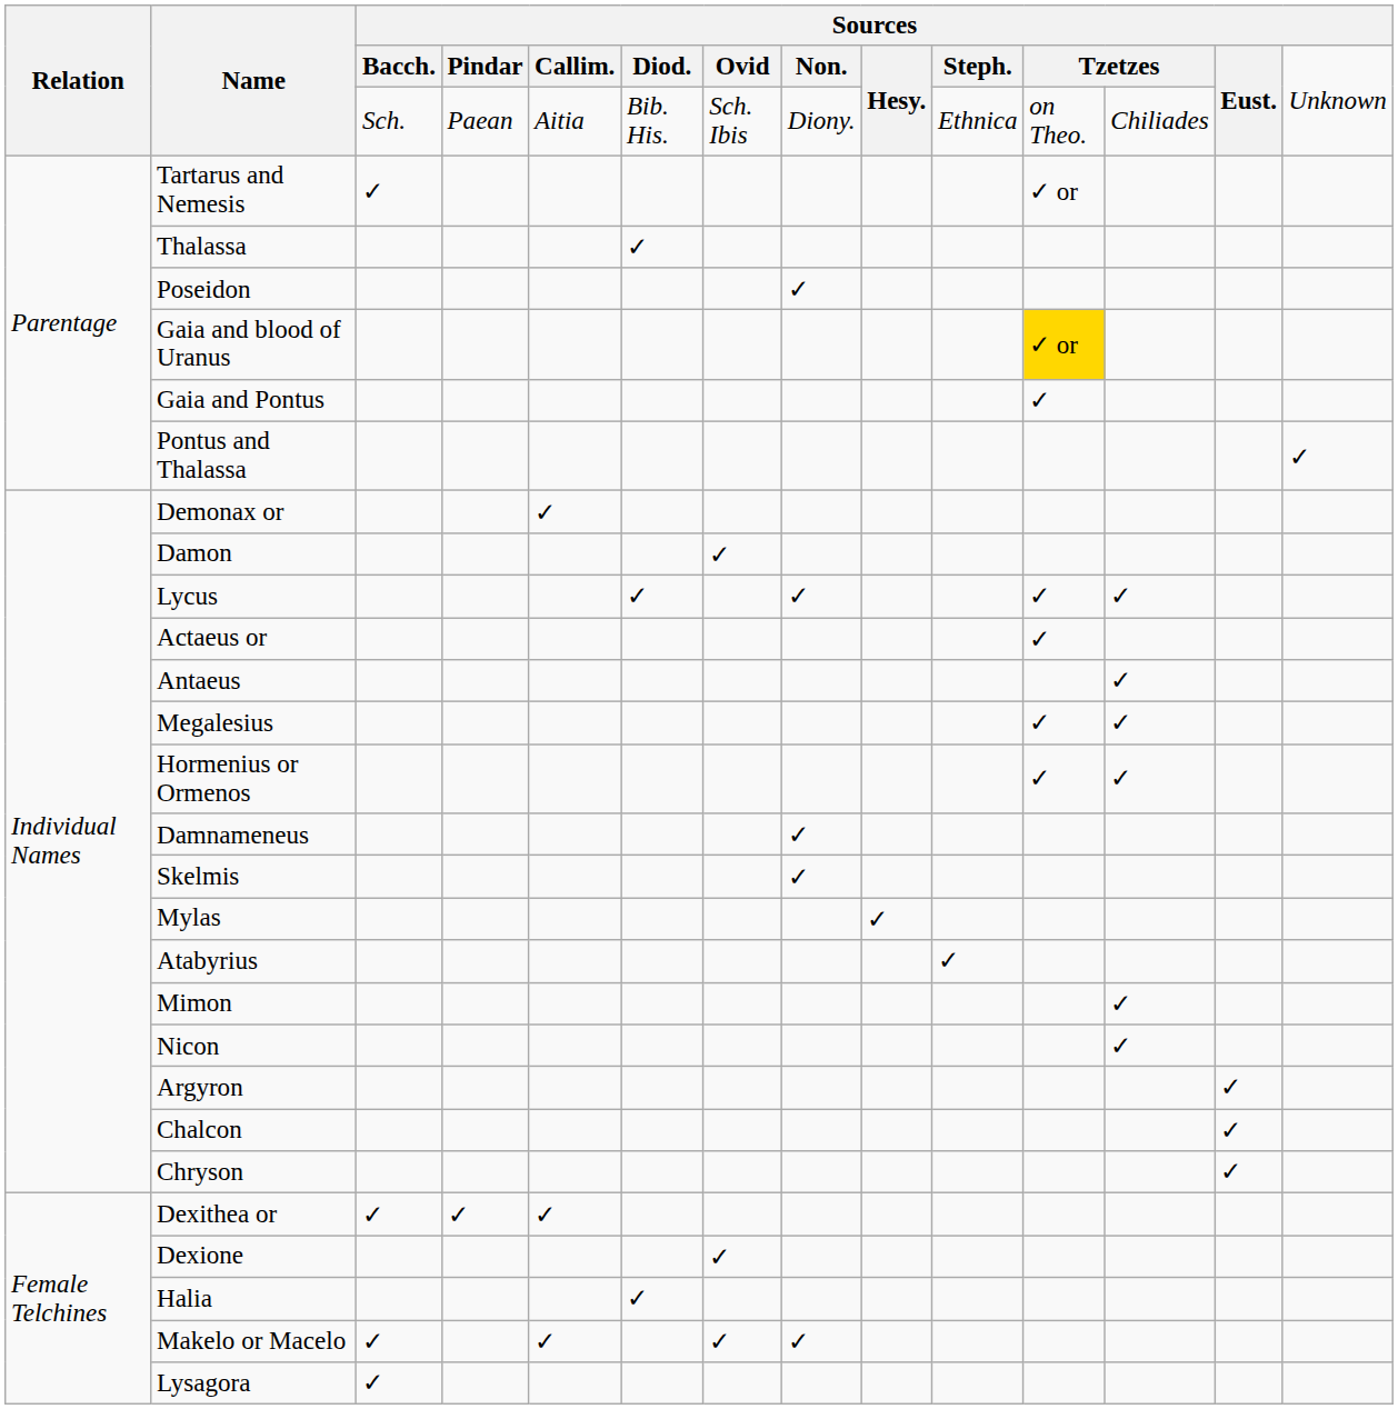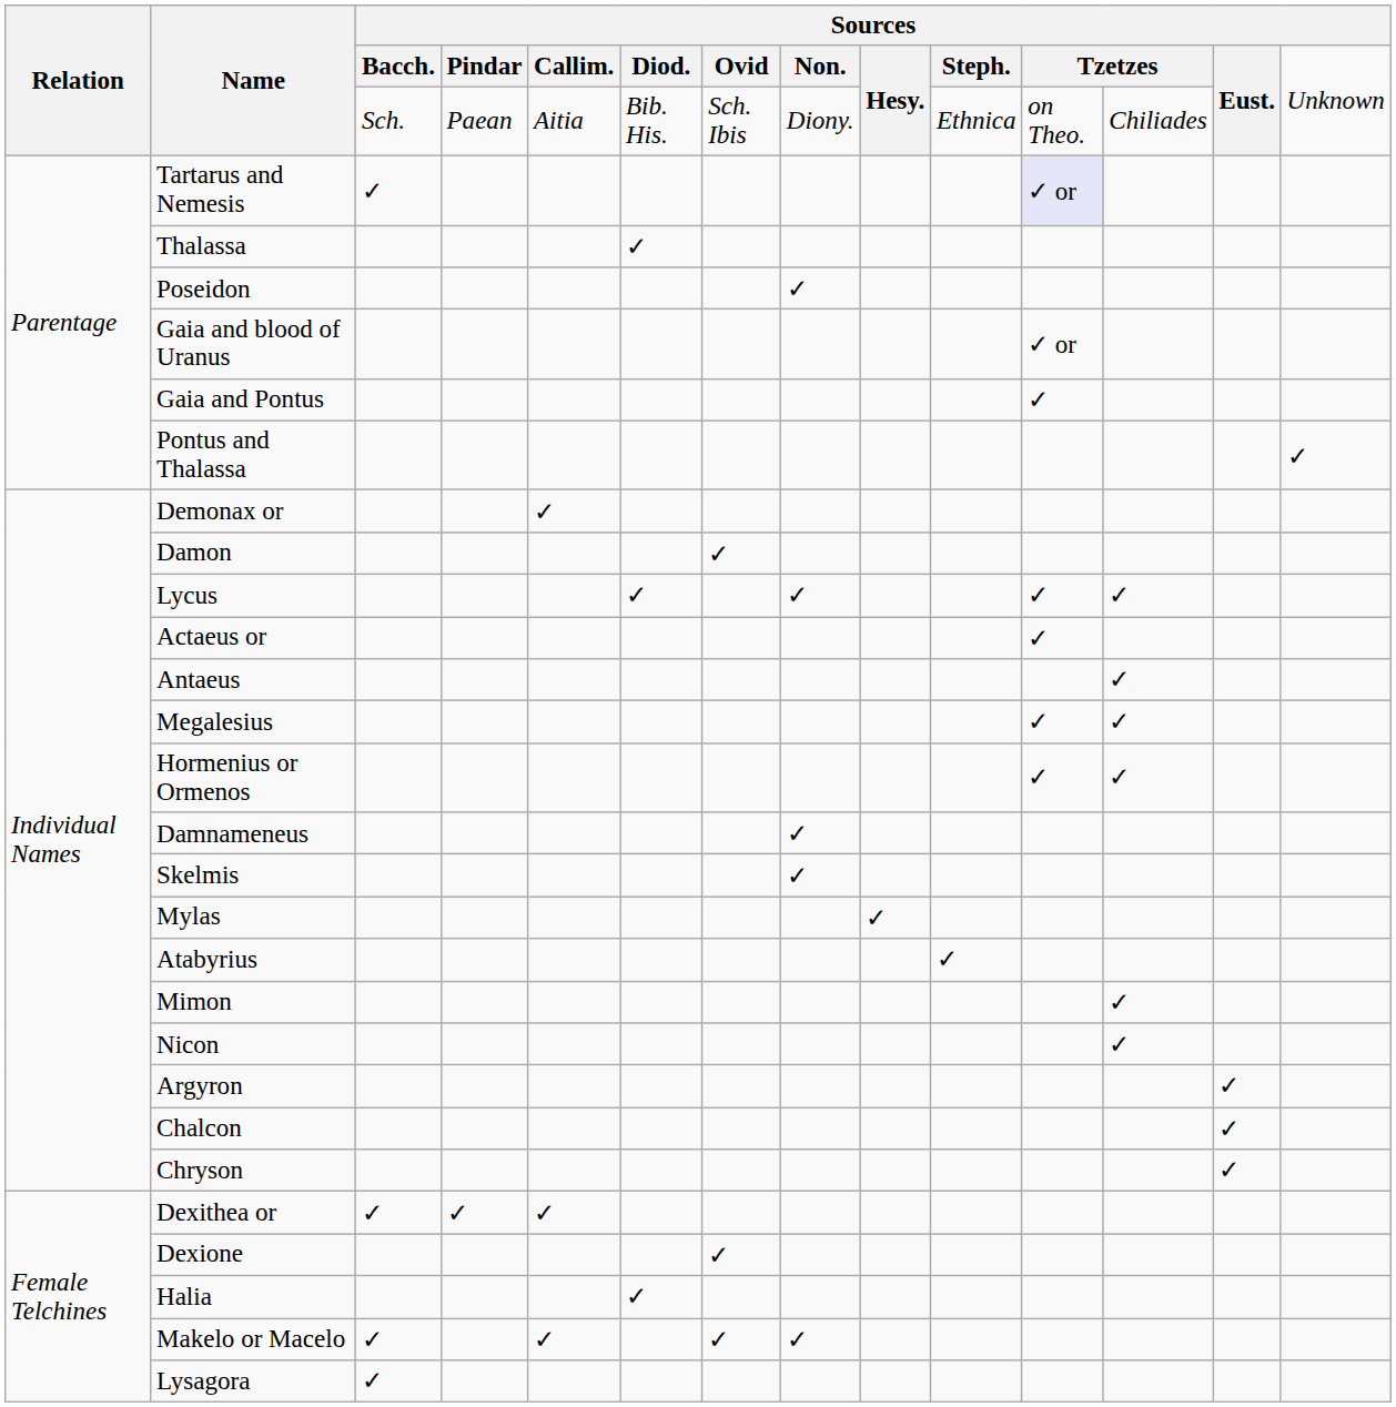 <table class="wikitable">
 <tr>
 <th rowspan="3">Relation</th>
 <th rowspan="3">Name</th>
 <th colspan="12">Sources</th>
 </tr>
 <tr>
 <th>Bacch.</th>
 <th>Pindar</th>
 <th>Callim.</th>
 <th>Diod.</th>
 <th>Ovid</th>
 <th>Non.</th>
 <th rowspan="2">Hesy.</th>
 <th>Steph.</th>
 <th colspan="2">Tzetzes</th>
 <th rowspan="2">Eust.</th>
 <td rowspan="2"><em>Unknown</em></td>
 </tr>
 <tr>
 <td><em>Sch.</em></td>
 <td><em>Paean</em></td>
 <td><em>Aitia</em></td>
 <td><em>Bib. His.</em></td>
 <td><em>Sch. Ibis</em></td>
 <td><em>Diony.</em></td>
 <td><em>Ethnica</em></td>
 <td><em>on Theo.</em></td>
 <td><em>Chiliades</em></td>
 </tr>
 <tr>
 <td rowspan="6"><em>Parentage</em></td>
 <td>Tartarus and Nemesis</td>
 <td>✓</td>
 <td></td>
 <td></td>
 <td></td>
 <td></td>
 <td></td>
 <td></td>
 <td></td>
-<td>✓ or</td>
+<td style="background: lavender;">✓ or</td>
 <td></td>
 <td></td>
 <td></td>
 </tr>
 <tr>
 <td>Thalassa</td>
 <td></td>
 <td></td>
 <td></td>
 <td>✓</td>
 <td></td>
 <td></td>
 <td></td>
 <td></td>
 <td></td>
 <td></td>
 <td></td>
 <td></td>
 </tr>
 <tr>
 <td>Poseidon</td>
 <td></td>
 <td></td>
 <td></td>
 <td></td>
 <td></td>
 <td>✓</td>
 <td></td>
 <td></td>
 <td></td>
 <td></td>
 <td></td>
 <td></td>
 </tr>
 <tr>
 <td>Gaia and blood of Uranus</td>
 <td></td>
 <td></td>
 <td></td>
 <td></td>
 <td></td>
 <td></td>
 <td></td>
 <td></td>
-<td style="background: gold;">✓ or</td>
+<td>✓ or</td>
 <td></td>
 <td></td>
 <td></td>
 </tr>
 <tr>
 <td>Gaia and Pontus</td>
 <td></td>
 <td></td>
 <td></td>
 <td></td>
 <td></td>
 <td></td>
 <td></td>
 <td></td>
 <td>✓</td>
 <td></td>
 <td></td>
 <td></td>
 </tr>
 <tr>
 <td>Pontus and Thalassa</td>
 <td></td>
 <td></td>
 <td></td>
 <td></td>
 <td></td>
 <td></td>
 <td></td>
 <td></td>
 <td></td>
 <td></td>
 <td></td>
 <td>✓</td>
 </tr>
 <tr>
 <td rowspan="16"><em>Individual Names</em></td>
 <td>Demonax or</td>
 <td></td>
 <td></td>
 <td>✓</td>
 <td></td>
 <td></td>
 <td></td>
 <td></td>
 <td></td>
 <td></td>
 <td></td>
 <td></td>
 <td></td>
 </tr>
 <tr>
 <td>Damon</td>
 <td></td>
 <td></td>
 <td></td>
 <td></td>
 <td>✓</td>
 <td></td>
 <td></td>
 <td></td>
 <td></td>
 <td></td>
 <td></td>
 <td></td>
 </tr>
 <tr>
 <td>Lycus</td>
 <td></td>
 <td></td>
 <td></td>
 <td>✓</td>
 <td></td>
 <td>✓</td>
 <td></td>
 <td></td>
 <td>✓</td>
 <td>✓</td>
 <td></td>
 <td></td>
 </tr>
 <tr>
 <td>Actaeus or</td>
 <td></td>
 <td></td>
 <td></td>
 <td></td>
 <td></td>
 <td></td>
 <td></td>
 <td></td>
 <td>✓</td>
 <td></td>
 <td></td>
 <td></td>
 </tr>
 <tr>
 <td>Antaeus</td>
 <td></td>
 <td></td>
 <td></td>
 <td></td>
 <td></td>
 <td></td>
 <td></td>
 <td></td>
 <td></td>
 <td>✓</td>
 <td></td>
 <td></td>
 </tr>
 <tr>
 <td>Megalesius</td>
 <td></td>
 <td></td>
 <td></td>
 <td></td>
 <td></td>
 <td></td>
 <td></td>
 <td></td>
 <td>✓</td>
 <td>✓</td>
 <td></td>
 <td></td>
 </tr>
 <tr>
 <td>Hormenius or Ormenos</td>
 <td></td>
 <td></td>
 <td></td>
 <td></td>
 <td></td>
 <td></td>
 <td></td>
 <td></td>
 <td>✓</td>
 <td>✓</td>
 <td></td>
 <td></td>
 </tr>
 <tr>
 <td>Damnameneus</td>
 <td></td>
 <td></td>
 <td></td>
 <td></td>
 <td></td>
 <td>✓</td>
 <td></td>
 <td></td>
 <td></td>
 <td></td>
 <td></td>
 <td></td>
 </tr>
 <tr>
 <td>Skelmis</td>
 <td></td>
 <td></td>
 <td></td>
 <td></td>
 <td></td>
 <td>✓</td>
 <td></td>
 <td></td>
 <td></td>
 <td></td>
 <td></td>
 <td></td>
 </tr>
 <tr>
 <td>Mylas</td>
 <td></td>
 <td></td>
 <td></td>
 <td></td>
 <td></td>
 <td></td>
 <td>✓</td>
 <td></td>
 <td></td>
 <td></td>
 <td></td>
 <td></td>
 </tr>
 <tr>
 <td>Atabyrius</td>
 <td></td>
 <td></td>
 <td></td>
 <td></td>
 <td></td>
 <td></td>
 <td></td>
 <td>✓</td>
 <td></td>
 <td></td>
 <td></td>
 <td></td>
 </tr>
 <tr>
 <td>Mimon</td>
 <td></td>
 <td></td>
 <td></td>
 <td></td>
 <td></td>
 <td></td>
 <td></td>
 <td></td>
 <td></td>
 <td>✓</td>
 <td></td>
 <td></td>
 </tr>
 <tr>
 <td>Nicon</td>
 <td></td>
 <td></td>
 <td></td>
 <td></td>
 <td></td>
 <td></td>
 <td></td>
 <td></td>
 <td></td>
 <td>✓</td>
 <td></td>
 <td></td>
 </tr>
 <tr>
 <td>Argyron</td>
 <td></td>
 <td></td>
 <td></td>
 <td></td>
 <td></td>
 <td></td>
 <td></td>
 <td></td>
 <td></td>
 <td></td>
 <td>✓</td>
 <td></td>
 </tr>
 <tr>
 <td>Chalcon</td>
 <td></td>
 <td></td>
 <td></td>
 <td></td>
 <td></td>
 <td></td>
 <td></td>
 <td></td>
 <td></td>
 <td></td>
 <td>✓</td>
 <td></td>
 </tr>
 <tr>
 <td>Chryson</td>
 <td></td>
 <td></td>
 <td></td>
 <td></td>
 <td></td>
 <td></td>
 <td></td>
 <td></td>
 <td></td>
 <td></td>
 <td>✓</td>
 <td></td>
 </tr>
 <tr>
 <td rowspan="5"><em>Female Telchines</em></td>
 <td>Dexithea or</td>
 <td>✓</td>
 <td>✓</td>
 <td>✓</td>
 <td></td>
 <td></td>
 <td></td>
 <td></td>
 <td></td>
 <td></td>
 <td></td>
 <td></td>
 <td></td>
 </tr>
 <tr>
 <td>Dexione</td>
 <td></td>
 <td></td>
 <td></td>
 <td></td>
 <td>✓</td>
 <td></td>
 <td></td>
 <td></td>
 <td></td>
 <td></td>
 <td></td>
 <td></td>
 </tr>
 <tr>
 <td>Halia</td>
 <td></td>
 <td></td>
 <td></td>
 <td>✓</td>
 <td></td>
 <td></td>
 <td></td>
 <td></td>
 <td></td>
 <td></td>
 <td></td>
 <td></td>
 </tr>
 <tr>
 <td>Makelo or Macelo</td>
 <td>✓</td>
 <td></td>
 <td>✓</td>
 <td></td>
 <td>✓</td>
 <td>✓</td>
 <td></td>
 <td></td>
 <td></td>
 <td></td>
 <td></td>
 <td></td>
 </tr>
 <tr>
 <td>Lysagora</td>
 <td>✓</td>
 <td></td>
 <td></td>
 <td></td>
 <td></td>
 <td></td>
 <td></td>
 <td></td>
 <td></td>
 <td></td>
 <td></td>
 <td></td>
 </tr>
 </table>
